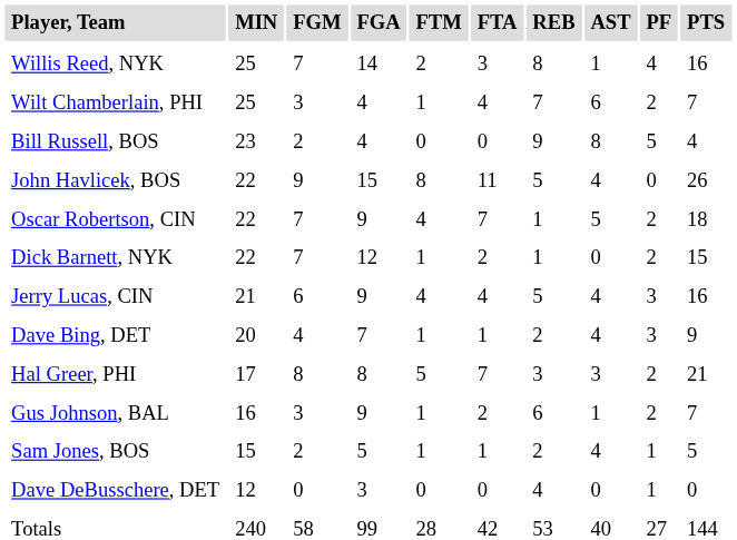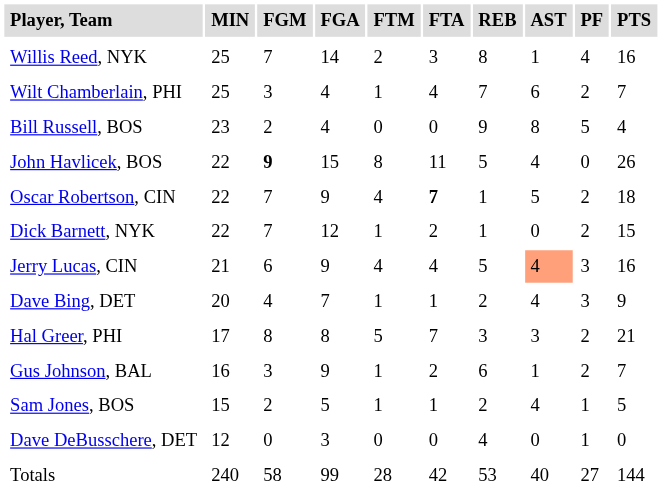 <table cellpadding=5>
 <tr bgcolor="#dddddd">
 <td><strong>Player, Team</strong></td>
 <td><strong>MIN</strong></td>
 <td><strong>FGM</strong></td>
 <td><strong>FGA</strong></td>
 <td><strong>FTM</strong></td>
 <td><strong>FTA</strong></td>
 <td><strong>REB</strong></td>
 <td><strong>AST</strong></td>
 <td><strong>PF</strong></td>
 <td><strong>PTS</strong></td>
 </tr>
 <tr bgcolor="#eeeeee">
 </tr>
 <tr>
 <td><a href='#'>Willis Reed</a>, NYK</td>
 <td>25</td>
 <td>7</td>
 <td>14</td>
 <td>2</td>
 <td>3</td>
 <td>8</td>
 <td>1</td>
 <td>4</td>
 <td>16</td>
 </tr>
 <tr>
 <td><a href='#'>Wilt Chamberlain</a>, PHI</td>
 <td>25</td>
 <td>3</td>
 <td>4</td>
 <td>1</td>
 <td>4</td>
 <td>7</td>
 <td>6</td>
 <td>2</td>
 <td>7</td>
 </tr>
 <tr>
 <td><a href='#'>Bill Russell</a>, BOS</td>
 <td>23</td>
 <td>2</td>
 <td>4</td>
 <td>0</td>
 <td>0</td>
 <td>9</td>
 <td>8</td>
 <td>5</td>
 <td>4</td>
 </tr>
 <tr>
 <td><a href='#'>John Havlicek</a>, BOS</td>
 <td>22</td>
-<td>9</td>
+<td><strong>9</strong></td>
 <td>15</td>
 <td>8</td>
 <td>11</td>
 <td>5</td>
 <td>4</td>
 <td>0</td>
 <td>26</td>
 </tr>
 <tr>
 <td><a href='#'>Oscar Robertson</a>, CIN</td>
 <td>22</td>
 <td>7</td>
 <td>9</td>
 <td>4</td>
-<td>7</td>
+<td><strong>7</strong></td>
 <td>1</td>
 <td>5</td>
 <td>2</td>
 <td>18</td>
 </tr>
 <tr>
 <td><a href='#'>Dick Barnett</a>, NYK</td>
 <td>22</td>
 <td>7</td>
 <td>12</td>
 <td>1</td>
 <td>2</td>
 <td>1</td>
 <td>0</td>
 <td>2</td>
 <td>15</td>
 </tr>
 <tr>
 <td><a href='#'>Jerry Lucas</a>, CIN</td>
 <td>21</td>
 <td>6</td>
 <td>9</td>
 <td>4</td>
 <td>4</td>
 <td>5</td>
-<td>4</td>
+<td style="background: lightsalmon;">4</td>
 <td>3</td>
 <td>16</td>
 </tr>
 <tr>
 <td><a href='#'>Dave Bing</a>, DET</td>
 <td>20</td>
 <td>4</td>
 <td>7</td>
 <td>1</td>
 <td>1</td>
 <td>2</td>
 <td>4</td>
 <td>3</td>
 <td>9</td>
 </tr>
 <tr>
 <td><a href='#'>Hal Greer</a>, PHI</td>
 <td>17</td>
 <td>8</td>
 <td>8</td>
 <td>5</td>
 <td>7</td>
 <td>3</td>
 <td>3</td>
 <td>2</td>
 <td>21</td>
 </tr>
 <tr>
 <td><a href='#'>Gus Johnson</a>, BAL</td>
 <td>16</td>
 <td>3</td>
 <td>9</td>
 <td>1</td>
 <td>2</td>
 <td>6</td>
 <td>1</td>
 <td>2</td>
 <td>7</td>
 </tr>
 <tr>
 <td><a href='#'>Sam Jones</a>, BOS</td>
 <td>15</td>
 <td>2</td>
 <td>5</td>
 <td>1</td>
 <td>1</td>
 <td>2</td>
 <td>4</td>
 <td>1</td>
 <td>5</td>
 </tr>
 <tr>
 <td><a href='#'>Dave DeBusschere</a>, DET</td>
 <td>12</td>
 <td>0</td>
 <td>3</td>
 <td>0</td>
 <td>0</td>
 <td>4</td>
 <td>0</td>
 <td>1</td>
 <td>0</td>
 </tr>
 <tr>
 <td>Totals</td>
 <td>240</td>
 <td>58</td>
 <td>99</td>
 <td>28</td>
 <td>42</td>
 <td>53</td>
 <td>40</td>
 <td>27</td>
 <td>144</td>
 </tr>
 <tr>
 </tr>
 </table>
